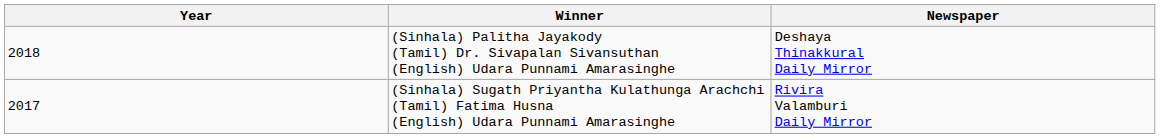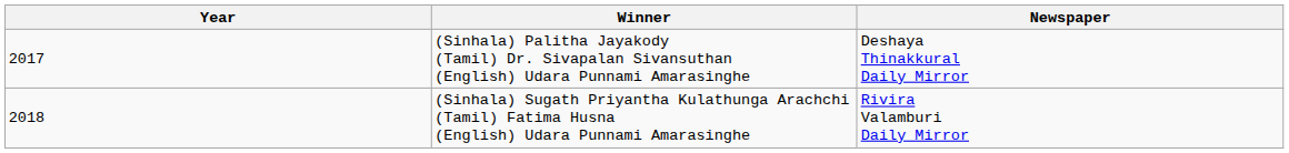 <table class="wikitable sortable mw-collapsible mw-collapsed">
 <tr>
 <th width="33%">Year</th>
 <th width="33%">Winner</th>
 <th width="33%">Newspaper</th>
 </tr>
 <tr>
-<td>2018</td>
+<td>2017</td>
 <td>(Sinhala) Palitha Jayakody<br>(Tamil) Dr. Sivapalan Sivansuthan<br>(English) Udara Punnami Amarasinghe</td>
 <td>Deshaya<br><a href='#'>Thinakkural</a><br><a href='#'>Daily Mirror</a></td>
 </tr>
 <tr>
-<td>2017</td>
+<td>2018</td>
 <td>(Sinhala) Sugath Priyantha Kulathunga Arachchi<br>(Tamil) Fatima Husna<br>(English) Udara Punnami Amarasinghe</td>
 <td><a href='#'>Rivira</a><br>Valamburi<br><a href='#'>Daily Mirror</a></td>
 </tr>
 </table>
